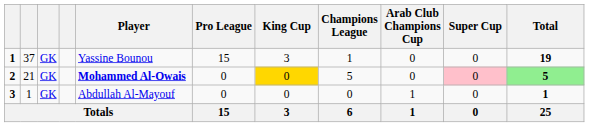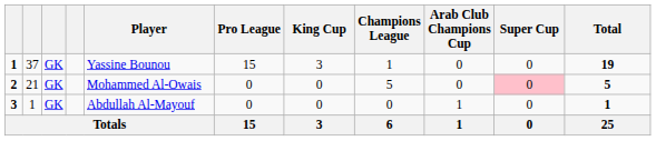 <table class="wikitable" style="text-align:center">
 <tr>
 <th width=15></th>
 <th width=15></th>
 <th width=15></th>
 <th width=15></th>
 <th width=155>Player</th>
 <th width=80>Pro League</th>
 <th width=80>King Cup</th>
 <th width=80>Champions League</th>
 <th width=80>Arab Club Champions Cup</th>
 <th width=80>Super Cup</th>
 <th width=100>Total</th>
 </tr>
 <tr>
 <td><strong>1</strong></td>
 <td>37</td>
 <td><a href='#'>GK</a></td>
 <td></td>
 <td align=left><a href='#'>Yassine Bounou</a></td>
 <td>15</td>
 <td>3</td>
 <td>1</td>
 <td>0</td>
 <td>0</td>
 <td><strong>19</strong></td>
 </tr>
 <tr>
 <td><strong>2</strong></td>
 <td>21</td>
 <td><a href='#'>GK</a></td>
 <td></td>
-<td align=left><strong><a href='#'>Mohammed Al-Owais</a></strong></td>
+<td align=left><a href='#'>Mohammed Al-Owais</a></td>
 <td>0</td>
-<td style="background: gold;">0</td>
+<td>0</td>
 <td>5</td>
 <td>0</td>
 <td style="background: pink;">0</td>
-<td style="background: lightgreen;"><strong>5</strong></td>
+<td><strong>5</strong></td>
 </tr>
 <tr>
 <td><strong>3</strong></td>
 <td>1</td>
 <td><a href='#'>GK</a></td>
 <td></td>
 <td align=left><a href='#'>Abdullah Al-Mayouf</a></td>
 <td>0</td>
 <td>0</td>
 <td>0</td>
 <td>1</td>
 <td>0</td>
 <td><strong>1</strong></td>
 </tr>
 <tr>
 <th colspan=5>Totals</th>
 <th>15</th>
 <th>3</th>
 <th>6</th>
 <th>1</th>
 <th>0</th>
 <th>25</th>
 </tr>
 </table>
